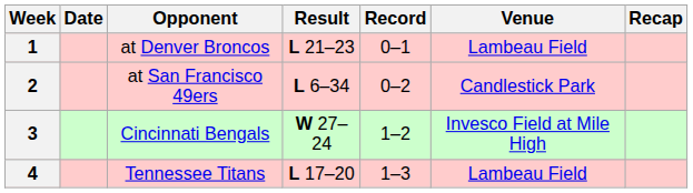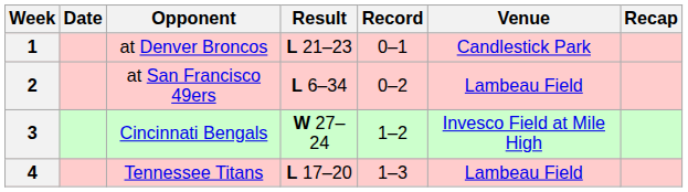 <table class="wikitable">
 <tr>
 <th>Week</th>
 <th>Date</th>
 <th>Opponent</th>
 <th>Result</th>
 <th>Record</th>
 <th>Venue</th>
 <th>Recap</th>
 </tr>
 <tr style="text-align:center; background:#fcc;">
 <th>1</th>
 <td></td>
 <td>at  <a href='#'>Denver Broncos</a></td>
 <td><strong>L</strong> 21–23</td>
 <td>0–1</td>
-<td><a href='#'>Lambeau Field</a></td>
+<td><a href='#'>Candlestick Park</a></td>
 <td></td>
 </tr>
 <tr style="text-align:center; background:#fcc;">
 <th>2</th>
 <td></td>
 <td>at <a href='#'>San Francisco 49ers</a></td>
 <td><strong>L</strong>  6–34</td>
 <td>0–2</td>
-<td><a href='#'>Candlestick Park</a></td>
+<td><a href='#'>Lambeau Field</a></td>
 <td></td>
 </tr>
 <tr style="text-align:center; background:#cfc;">
 <th>3</th>
 <td></td>
 <td><a href='#'>Cincinnati Bengals</a></td>
 <td><strong>W</strong> 27–24</td>
 <td>1–2</td>
 <td><a href='#'>Invesco Field at Mile High</a></td>
 <td style="text-align:center;"></td>
 </tr>
 <tr style="text-align:center; background:#fcc;">
 <th>4</th>
 <td></td>
 <td><a href='#'>Tennessee Titans</a></td>
 <td><strong>L</strong> 17–20</td>
 <td>1–3</td>
 <td><a href='#'>Lambeau Field</a></td>
 <td style="text-align:center;"></td>
 </tr>
 </table>
